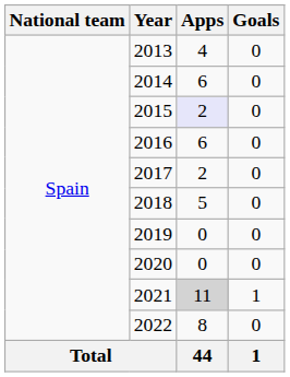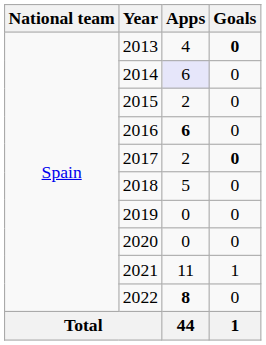 <table class="wikitable" style="text-align:center">
 <tr>
 <th>National team</th>
 <th>Year</th>
 <th>Apps</th>
 <th>Goals</th>
 </tr>
 <tr>
 <td rowspan="10"><a href='#'>Spain</a></td>
 <td>2013</td>
 <td>4</td>
-<td>0</td>
+<td><strong>0</strong></td>
 </tr>
 <tr>
 <td>2014</td>
-<td>6</td>
+<td style="background: lavender;">6</td>
 <td>0</td>
 </tr>
 <tr>
 <td>2015</td>
-<td style="background: lavender;">2</td>
+<td>2</td>
 <td>0</td>
 </tr>
 <tr>
 <td>2016</td>
-<td>6</td>
+<td><strong>6</strong></td>
 <td>0</td>
 </tr>
 <tr>
 <td>2017</td>
 <td>2</td>
-<td>0</td>
+<td><strong>0</strong></td>
 </tr>
 <tr>
 <td>2018</td>
 <td>5</td>
 <td>0</td>
 </tr>
 <tr>
 <td>2019</td>
 <td>0</td>
 <td>0</td>
 </tr>
 <tr>
 <td>2020</td>
 <td>0</td>
 <td>0</td>
 </tr>
 <tr>
 <td>2021</td>
-<td style="background: lightgrey;">11</td>
+<td>11</td>
 <td>1</td>
 </tr>
 <tr>
 <td>2022</td>
-<td>8</td>
+<td><strong>8</strong></td>
 <td>0</td>
 </tr>
 <tr>
 <th colspan="2">Total</th>
 <th>44</th>
 <th>1</th>
 </tr>
 </table>
